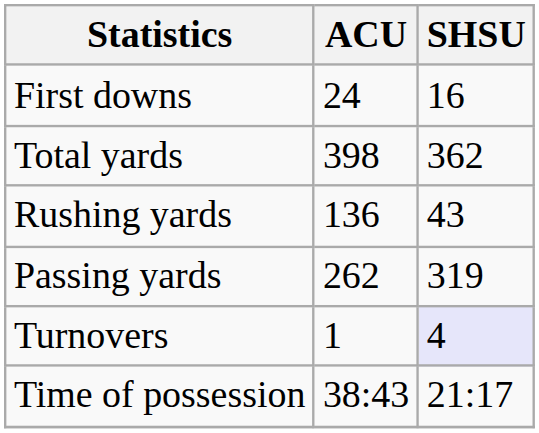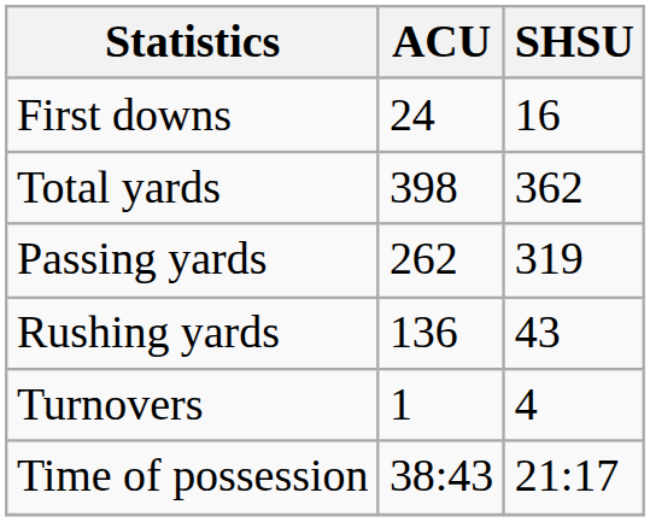 <table class="wikitable">
 <tr>
 <th>Statistics</th>
 <th>ACU</th>
 <th>SHSU</th>
 </tr>
 <tr>
 <td>First downs</td>
 <td>24</td>
 <td>16</td>
 </tr>
 <tr>
 <td>Total yards</td>
 <td>398</td>
 <td>362</td>
 </tr>
 <tr>
+<td>Passing yards</td>
+<td>262</td>
+<td>319</td>
+</tr>
+<tr>
 <td>Rushing yards</td>
 <td>136</td>
 <td>43</td>
 </tr>
 <tr>
-<td>Passing yards</td>
-<td>262</td>
-<td>319</td>
-</tr>
-<tr>
 <td>Turnovers</td>
 <td>1</td>
-<td style="background: lavender;">4</td>
+<td>4</td>
 </tr>
 <tr>
 <td>Time of possession</td>
 <td>38:43</td>
 <td>21:17</td>
 </tr>
 <tr>
 </tr>
 </table>
